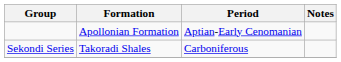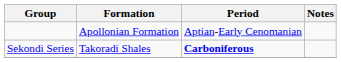 <table class="wikitable sortable">
 <tr>
 <th>Group</th>
 <th>Formation</th>
 <th>Period</th>
 <th class="unsortable">Notes</th>
 </tr>
 <tr>
 <td></td>
 <td><a href='#'>Apollonian Formation</a></td>
 <td style="background-color: "><a href='#'>Aptian</a>-<a href='#'>Early Cenomanian</a></td>
 <td align=center></td>
 </tr>
 <tr>
 <td><a href='#'>Sekondi Series</a></td>
 <td><a href='#'>Takoradi Shales</a></td>
-<td style="background-color: "><a href='#'>Carboniferous</a></td>
+<td style="background-color: "><strong><a href='#'>Carboniferous</a></strong></td>
 <td align=center></td>
 </tr>
 <tr>
 </tr>
 </table>
